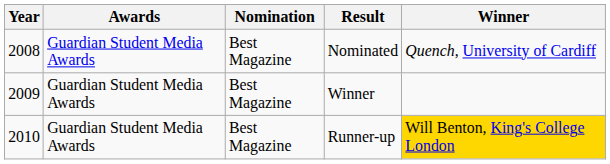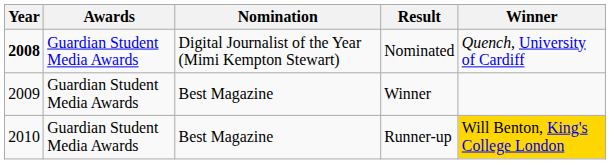 <table class="wikitable" style="font-align: center">
 <tr>
 <th>Year</th>
 <th>Awards</th>
 <th>Nomination</th>
 <th>Result</th>
 <th>Winner</th>
 </tr>
 <tr>
-<td>2008</td>
+<td><strong>2008</strong></td>
 <td><a href='#'>Guardian Student Media Awards</a></td>
-<td>Best Magazine</td>
+<td>Digital Journalist of the Year (Mimi Kempton Stewart)</td>
 <td>Nominated</td>
 <td><em>Quench</em>, <a href='#'>University of Cardiff</a></td>
 </tr>
 <tr>
 <td>2009</td>
 <td>Guardian Student Media Awards</td>
 <td>Best Magazine</td>
 <td>Winner</td>
 <td></td>
 </tr>
 <tr>
 <td>2010</td>
 <td>Guardian Student Media Awards</td>
 <td>Best Magazine</td>
 <td>Runner-up</td>
 <td style="background: gold;">Will Benton, <a href='#'>King's College London</a>  </td>
 </tr>
 </table>
